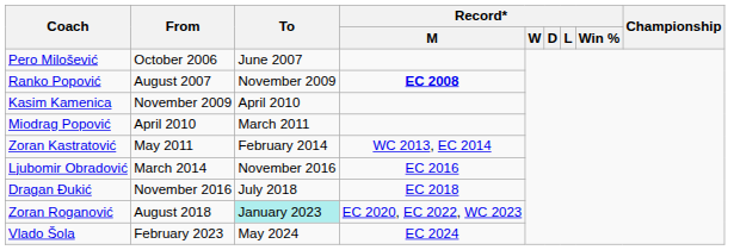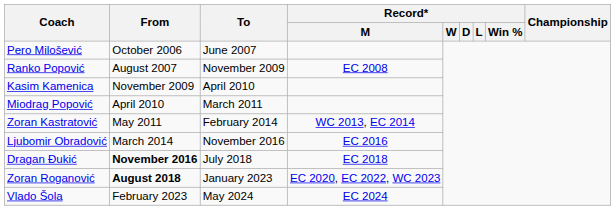 <table class="wikitable" style="text-align: center">
 <tr>
 <th rowspan="2">Coach</th>
 <th rowspan="2">From</th>
 <th rowspan="2">To</th>
 <th colspan="5">Record*</th>
 <th rowspan="2">Championship</th>
 </tr>
 <tr>
 <th>M</th>
 <th>W</th>
 <th>D</th>
 <th>L</th>
 <th>Win %</th>
 </tr>
 <tr>
 <td align=left> <a href='#'>Pero Milošević</a></td>
 <td align=left>October 2006</td>
 <td align=left>June 2007<br></td>
 <td></td>
 </tr>
 <tr>
 <td align=left> <a href='#'>Ranko Popović</a></td>
 <td align=left>August 2007</td>
 <td align=left>November 2009<br></td>
-<td><strong><a href='#'>EC 2008</a></strong></td>
+<td><a href='#'>EC 2008</a></td>
 </tr>
 <tr>
 <td align=left> <a href='#'>Kasim Kamenica</a></td>
 <td align=left>November 2009</td>
 <td align=left>April 2010<br></td>
 <td></td>
 </tr>
 <tr>
 <td align=left> <a href='#'>Miodrag Popović</a></td>
 <td align=left>April 2010</td>
 <td align=left>March 2011<br></td>
 <td></td>
 </tr>
 <tr>
 <td align=left> <a href='#'>Zoran Kastratović</a></td>
 <td align=left>May 2011</td>
 <td align=left>February 2014<br></td>
 <td><a href='#'>WC 2013</a>, <a href='#'>EC 2014</a></td>
 </tr>
 <tr>
 <td align=left> <a href='#'>Ljubomir Obradović</a></td>
 <td align=left>March 2014</td>
 <td align=left>November 2016<br></td>
 <td><a href='#'>EC 2016</a></td>
 </tr>
 <tr>
 <td align=left> <a href='#'>Dragan Đukić</a></td>
-<td align=left>November 2016</td>
+<td align=left><strong>November 2016</strong></td>
 <td align=left>July 2018<br></td>
 <td><a href='#'> EC 2018</a></td>
 </tr>
 <tr>
 <td align=left> <a href='#'>Zoran Roganović</a></td>
-<td align=left>August 2018</td>
-<td align=left style="background: paleturquoise;">January 2023<br></td>
+<td align=left><strong>August 2018</strong></td>
+<td align=left>January 2023<br></td>
 <td><a href='#'> EC 2020</a>, <a href='#'> EC 2022</a>, <a href='#'>WC 2023</a></td>
 </tr>
 <tr>
 <td align=left> <a href='#'>Vlado Šola</a></td>
 <td align=left>February 2023</td>
 <td align=left>May 2024<br></td>
 <td><a href='#'> EC 2024</a></td>
 </tr>
 </table>
